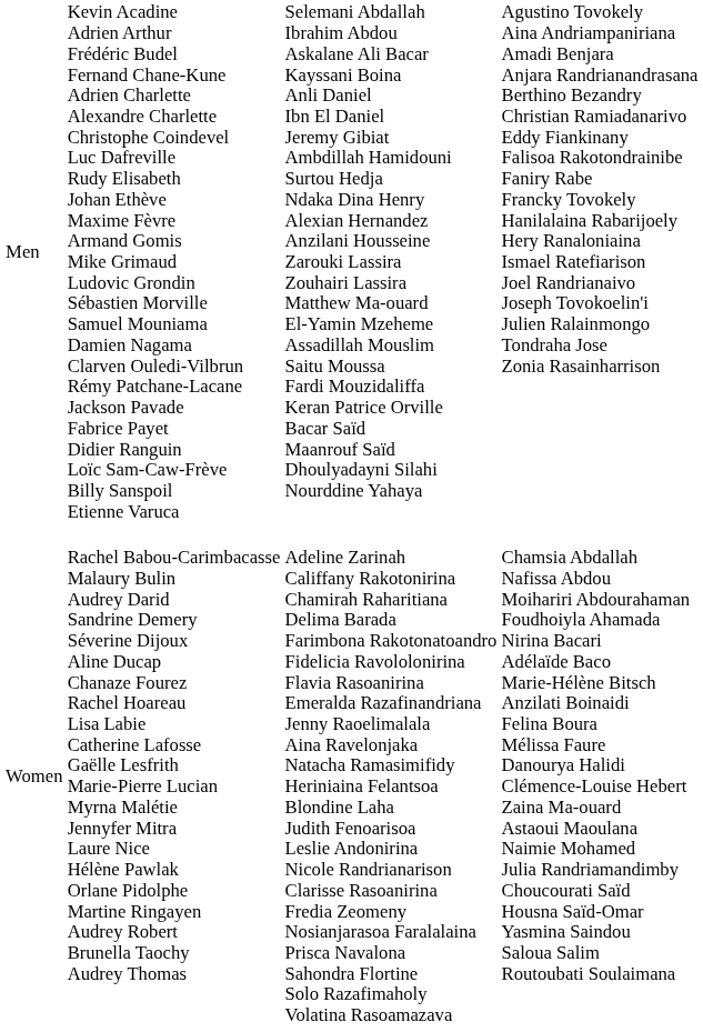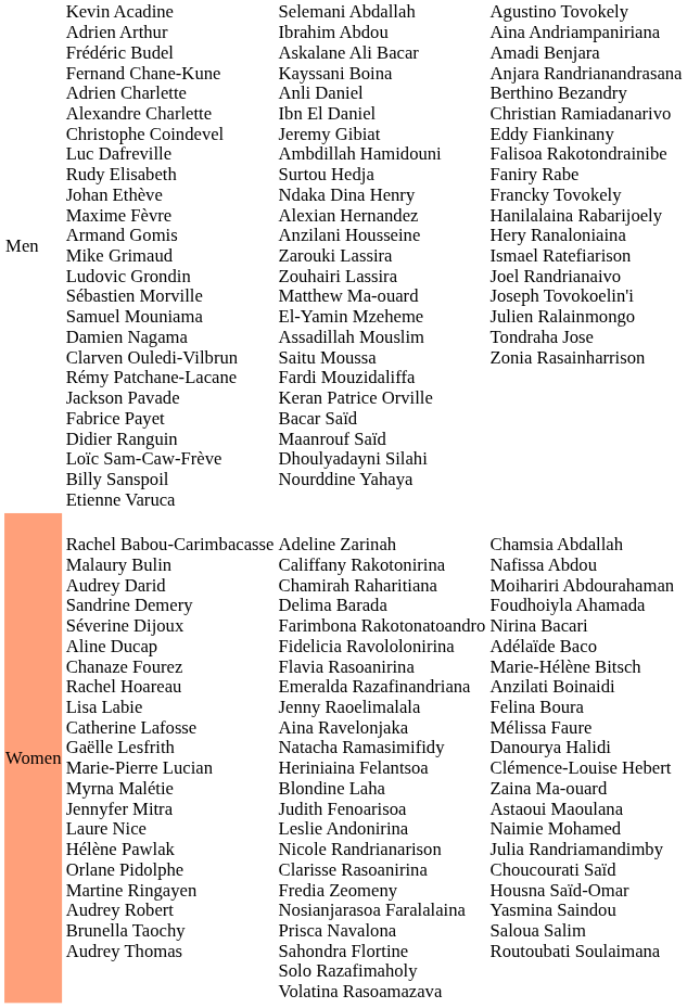 <table>
 <tr>
 <td>Men</td>
 <td><br>Kevin Acadine<br>Adrien Arthur<br>Frédéric Budel<br>Fernand Chane-Kune<br>Adrien Charlette<br>Alexandre Charlette<br>Christophe Coindevel<br>Luc Dafreville<br>Rudy Elisabeth<br>Johan Ethève<br>Maxime Fèvre<br>Armand Gomis<br>Mike Grimaud<br>Ludovic Grondin<br>Sébastien Morville<br>Samuel Mouniama<br>Damien Nagama<br>Clarven Ouledi-Vilbrun<br>Rémy Patchane-Lacane<br>Jackson Pavade<br>Fabrice Payet<br>Didier Ranguin<br>Loïc Sam-Caw-Frève<br>Billy Sanspoil<br>Etienne Varuca</td>
 <td valign=top><br>Selemani Abdallah<br>Ibrahim Abdou<br>Askalane Ali Bacar<br>Kayssani Boina<br>Anli Daniel<br>Ibn El Daniel<br>Jeremy Gibiat<br>Ambdillah Hamidouni<br>Surtou Hedja<br>Ndaka Dina Henry<br>Alexian Hernandez<br>Anzilani Housseine<br>Zarouki Lassira<br>Zouhairi Lassira<br>Matthew Ma-ouard<br>El-Yamin Mzeheme<br>Assadillah Mouslim<br>Saitu Moussa<br>Fardi Mouzidaliffa<br>Keran Patrice Orville<br>Bacar Saïd<br>Maanrouf Saïd<br>Dhoulyadayni Silahi<br>Nourddine Yahaya</td>
 <td valign=top nowrap><br>Agustino Tovokely<br>Aina Andriampaniriana<br>Amadi Benjara<br>Anjara Randrianandrasana<br>Berthino Bezandry<br>Christian Ramiadanarivo<br>Eddy Fiankinany<br>Falisoa Rakotondrainibe<br>Faniry Rabe<br>Francky Tovokely<br>Hanilalaina Rabarijoely<br>Hery Ranaloniaina<br>Ismael Ratefiarison<br>Joel Randrianaivo<br>Joseph Tovokoelin'i<br>Julien Ralainmongo<br>Tondraha Jose<br>Zonia Rasainharrison</td>
 </tr>
 <tr>
-<td>Women</td>
+<td style="background: lightsalmon;">Women</td>
 <td valign=top nowrap><br>Rachel Babou-Carimbacasse<br>Malaury Bulin<br>Audrey Darid<br>Sandrine Demery<br>Séverine Dijoux<br>Aline Ducap<br>Chanaze Fourez<br>Rachel Hoareau<br>Lisa Labie<br>Catherine Lafosse<br>Gaëlle Lesfrith<br>Marie-Pierre Lucian<br>Myrna Malétie<br>Jennyfer Mitra<br>Laure Nice<br>Hélène Pawlak<br>Orlane Pidolphe<br>Martine Ringayen<br>Audrey Robert<br>Brunella Taochy<br>Audrey Thomas</td>
 <td nowrap><br>Adeline Zarinah<br>Califfany Rakotonirina<br>Chamirah Raharitiana<br>Delima Barada<br>Farimbona Rakotonatoandro<br>Fidelicia Ravololonirina<br>Flavia Rasoanirina<br>Emeralda Razafinandriana<br>Jenny Raoelimalala<br>Aina Ravelonjaka<br>Natacha Ramasimifidy<br>Heriniaina Felantsoa<br>Blondine Laha<br>Judith Fenoarisoa<br>Leslie Andonirina<br>Nicole Randrianarison<br>Clarisse Rasoanirina<br>Fredia Zeomeny<br>Nosianjarasoa Faralalaina<br>Prisca Navalona<br>Sahondra Flortine<br>Solo Razafimaholy<br>Volatina Rasoamazava</td>
 <td valign=top><br>Chamsia Abdallah<br>Nafissa Abdou<br>Moihariri Abdourahaman<br>Foudhoiyla Ahamada<br>Nirina Bacari<br>Adélaïde Baco<br>Marie-Hélène Bitsch<br>Anzilati Boinaidi<br>Felina Boura<br>Mélissa Faure<br>Danourya Halidi<br>Clémence-Louise Hebert<br>Zaina Ma-ouard<br>Astaoui Maoulana<br>Naimie Mohamed<br>Julia Randriamandimby<br>Choucourati Saïd<br>Housna Saïd-Omar<br>Yasmina Saindou<br>Saloua Salim<br>Routoubati Soulaimana</td>
 </tr>
 </table>
